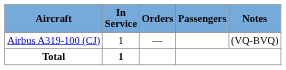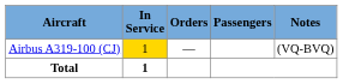 <table class="toccolours" border="1" cellpadding="3" style="border-collapse:collapse; margin:1em auto;">
 <tr bgcolor=#75aadb>
 <th>Aircraft</th>
 <th>In<br>Service</th>
 <th>Orders</th>
 <th>Passengers</th>
 <th>Notes</th>
 </tr>
 <tr>
 <td><a href='#'>Airbus A319-100 (CJ)</a></td>
-<td align="center">1</td>
+<td align="center" style="background: gold;">1</td>
 <td align="center">—</td>
 <td align="center"></td>
 <td>(VQ-BVQ)</td>
 </tr>
 <tr>
 <th>Total</th>
 <th>1</th>
 <th></th>
 <th colspan="2"></th>
 </tr>
 </table>
